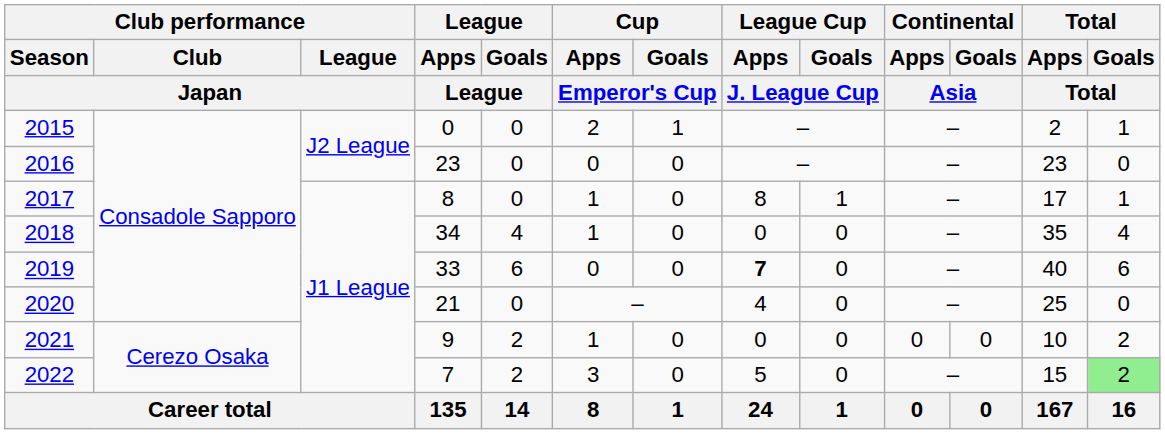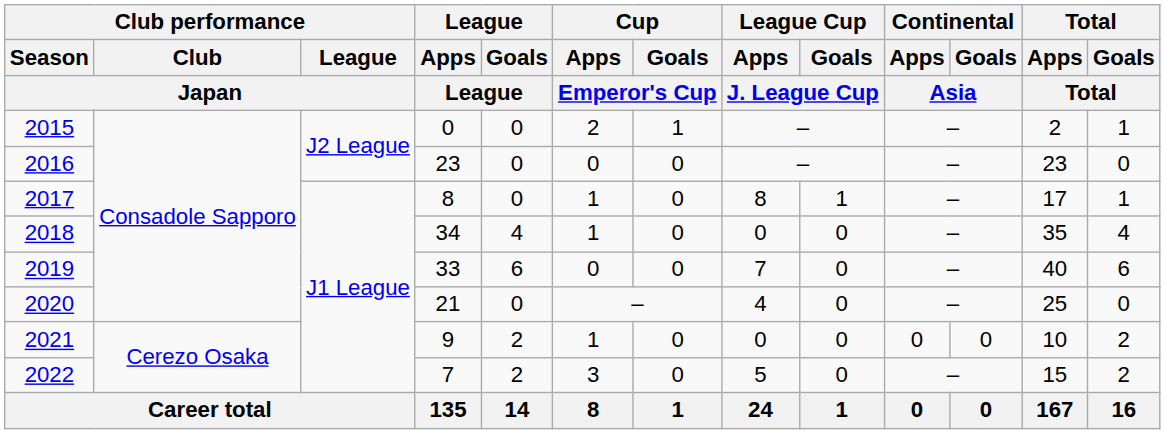 <table class="wikitable" style="text-align:center">
 <tr>
 <th colspan=3>Club performance</th>
 <th colspan=2>League</th>
 <th colspan=2>Cup</th>
 <th colspan=2>League Cup</th>
 <th colspan=2>Continental</th>
 <th colspan=2>Total</th>
 </tr>
 <tr>
 <th>Season</th>
 <th>Club</th>
 <th>League</th>
 <th>Apps</th>
 <th>Goals</th>
 <th>Apps</th>
 <th>Goals</th>
 <th>Apps</th>
 <th>Goals</th>
 <th>Apps</th>
 <th>Goals</th>
 <th>Apps</th>
 <th>Goals</th>
 </tr>
 <tr>
 <th colspan=3>Japan</th>
 <th colspan=2>League</th>
 <th colspan=2><a href='#'>Emperor's Cup</a></th>
 <th colspan=2><a href='#'>J. League Cup</a></th>
 <th colspan=2><a href='#'>Asia</a></th>
 <th colspan=2>Total</th>
 </tr>
 <tr>
 <td><a href='#'>2015</a></td>
 <td rowspan="6"><a href='#'>Consadole Sapporo</a></td>
 <td rowspan="2"><a href='#'>J2 League</a></td>
 <td>0</td>
 <td>0</td>
 <td>2</td>
 <td>1</td>
 <td colspan="2">–</td>
 <td colspan="2">–</td>
 <td>2</td>
 <td>1</td>
 </tr>
 <tr>
 <td><a href='#'>2016</a></td>
 <td>23</td>
 <td>0</td>
 <td>0</td>
 <td>0</td>
 <td colspan="2">–</td>
 <td colspan="2">–</td>
 <td>23</td>
 <td>0</td>
 </tr>
 <tr>
 <td><a href='#'>2017</a></td>
 <td rowspan="6"><a href='#'>J1 League</a></td>
 <td>8</td>
 <td>0</td>
 <td>1</td>
 <td>0</td>
 <td>8</td>
 <td>1</td>
 <td colspan="2">–</td>
 <td>17</td>
 <td>1</td>
 </tr>
 <tr>
 <td><a href='#'>2018</a></td>
 <td>34</td>
 <td>4</td>
 <td>1</td>
 <td>0</td>
 <td>0</td>
 <td>0</td>
 <td colspan="2">–</td>
 <td>35</td>
 <td>4</td>
 </tr>
 <tr>
 <td><a href='#'>2019</a></td>
 <td>33</td>
 <td>6</td>
 <td>0</td>
 <td>0</td>
-<td><strong>7</strong></td>
+<td>7</td>
 <td>0</td>
 <td colspan="2">–</td>
 <td>40</td>
 <td>6</td>
 </tr>
 <tr>
 <td><a href='#'>2020</a></td>
 <td>21</td>
 <td>0</td>
 <td colspan="2">–</td>
 <td>4</td>
 <td>0</td>
 <td colspan="2">–</td>
 <td>25</td>
 <td>0</td>
 </tr>
 <tr>
 <td><a href='#'>2021</a></td>
 <td rowspan="2"><a href='#'>Cerezo Osaka</a></td>
 <td>9</td>
 <td>2</td>
 <td>1</td>
 <td>0</td>
 <td>0</td>
 <td>0</td>
 <td>0</td>
 <td>0</td>
 <td>10</td>
 <td>2</td>
 </tr>
 <tr>
 <td><a href='#'>2022</a></td>
 <td>7</td>
 <td>2</td>
 <td>3</td>
 <td>0</td>
 <td>5</td>
 <td>0</td>
 <td colspan="2">–</td>
 <td>15</td>
-<td style="background: lightgreen;">2</td>
+<td>2</td>
 </tr>
 <tr>
 <th colspan=3>Career total</th>
 <th>135</th>
 <th>14</th>
 <th>8</th>
 <th>1</th>
 <th>24</th>
 <th>1</th>
 <th>0</th>
 <th>0</th>
 <th>167</th>
 <th>16</th>
 </tr>
 </table>
